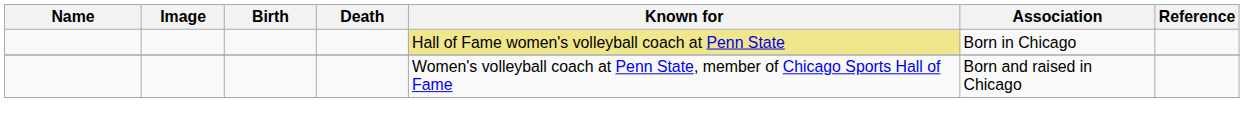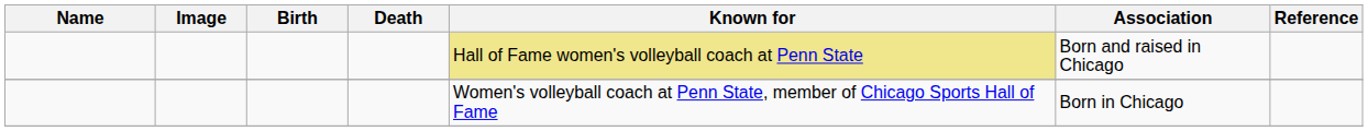 <table class="wikitable sortable">
 <tr>
 <th scope="col" width="140">Name</th>
 <th scope="col" width="80" class="unsortable">Image</th>
 <th scope="col" width="90">Birth</th>
 <th scope="col" width="90">Death</th>
 <th scope="col" width="600" class="unsortable">Known for</th>
 <th scope="col" width="200" class="unsortable">Association</th>
 <th scope="col" width="30" class="unsortable">Reference</th>
 </tr>
 <tr>
 <td></td>
 <td></td>
 <td align=right></td>
 <td></td>
 <td style="background: khaki;">Hall of Fame women's volleyball coach at <a href='#'>Penn State</a></td>
-<td>Born in Chicago</td>
+<td>Born and raised in Chicago</td>
 <td align="center"></td>
 </tr>
 <tr>
 </tr>
 <tr>
 <td></td>
 <td></td>
 <td align=right></td>
 <td></td>
 <td>Women's volleyball coach at <a href='#'>Penn State</a>, member of <a href='#'>Chicago Sports Hall of Fame</a></td>
-<td>Born and raised in Chicago</td>
+<td>Born in Chicago</td>
 <td align="center"></td>
 </tr>
 <tr>
 </tr>
 </table>
